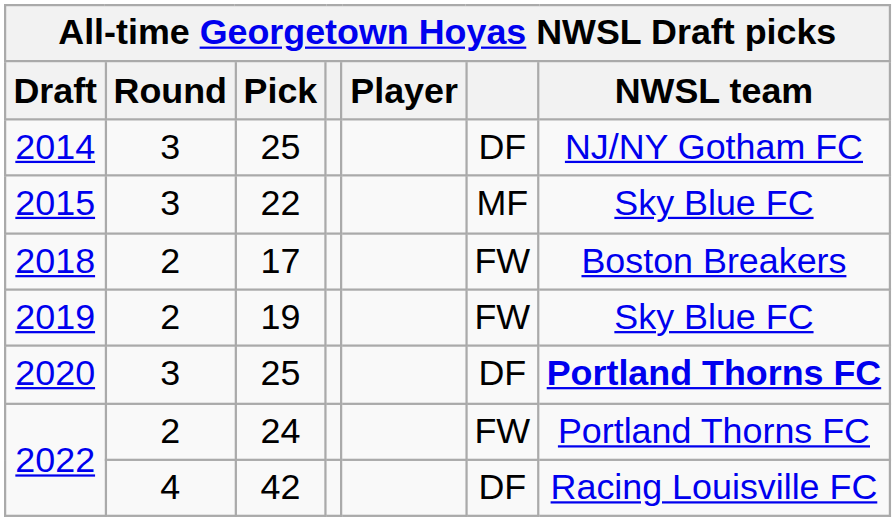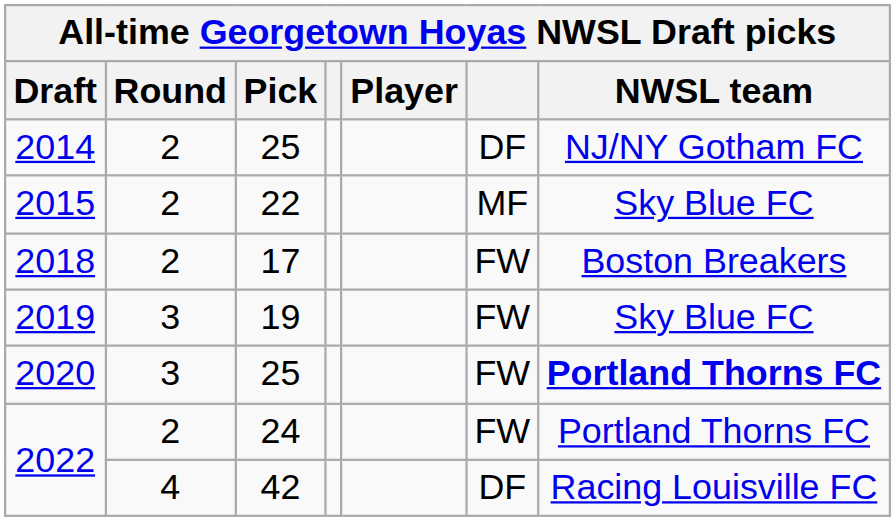 <table class="wikitable sortable" style="text-align: center;">
 <tr>
 <th colspan="7" style="background:#">All-time <a href='#'><span>Georgetown Hoyas</span></a> NWSL Draft picks</th>
 </tr>
 <tr>
 <th scope="col">Draft</th>
 <th scope="col">Round</th>
 <th scope="col">Pick</th>
 <th scope="col"></th>
 <th scope="col">Player</th>
 <th scope="col"></th>
 <th scope="col">NWSL team</th>
 </tr>
 <tr>
 <td><a href='#'>2014</a></td>
-<td>3</td>
+<td>2</td>
 <td>25</td>
 <td></td>
 <td></td>
 <td>DF</td>
 <td><a href='#'>NJ/NY Gotham FC</a></td>
 </tr>
 <tr>
 <td><a href='#'>2015</a></td>
-<td>3</td>
+<td>2</td>
 <td>22</td>
 <td></td>
 <td></td>
 <td>MF</td>
 <td><a href='#'>Sky Blue FC</a></td>
 </tr>
 <tr>
 <td><a href='#'>2018</a></td>
 <td>2</td>
 <td>17</td>
 <td></td>
 <td></td>
 <td>FW</td>
 <td><a href='#'>Boston Breakers</a></td>
 </tr>
 <tr>
 <td><a href='#'>2019</a></td>
-<td>2</td>
+<td>3</td>
 <td>19</td>
 <td></td>
 <td></td>
 <td>FW</td>
 <td><a href='#'>Sky Blue FC</a></td>
 </tr>
 <tr>
 <td><a href='#'>2020</a></td>
 <td>3</td>
 <td>25</td>
 <td></td>
 <td></td>
-<td>DF</td>
+<td>FW</td>
 <td><strong><a href='#'>Portland Thorns FC</a></strong></td>
 </tr>
 <tr>
 <td rowspan="2"><a href='#'>2022</a></td>
 <td>2</td>
 <td>24</td>
 <td></td>
 <td></td>
 <td>FW</td>
 <td><a href='#'>Portland Thorns FC</a></td>
 </tr>
 <tr>
 <td>4</td>
 <td>42</td>
 <td></td>
 <td></td>
 <td>DF</td>
 <td><a href='#'>Racing Louisville FC</a></td>
 </tr>
 </table>
